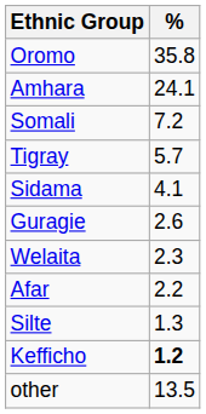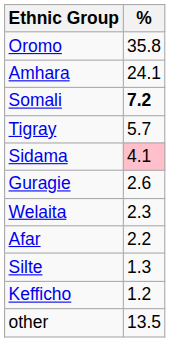 <table class="wikitable">
 <tr>
 <th>Ethnic Group</th>
 <th>%</th>
 </tr>
 <tr>
 <td><a href='#'>Oromo</a></td>
 <td>35.8</td>
 </tr>
 <tr>
 <td><a href='#'>Amhara</a></td>
 <td>24.1</td>
 </tr>
 <tr>
 <td><a href='#'>Somali</a></td>
-<td>7.2</td>
+<td><strong>7.2</strong></td>
 </tr>
 <tr>
 <td><a href='#'>Tigray</a></td>
 <td>5.7</td>
 </tr>
 <tr>
 <td><a href='#'>Sidama</a></td>
-<td>4.1</td>
+<td style="background: pink;">4.1</td>
 </tr>
 <tr>
 <td><a href='#'>Guragie</a></td>
 <td>2.6</td>
 </tr>
 <tr>
 <td><a href='#'>Welaita</a></td>
 <td>2.3</td>
 </tr>
 <tr>
 <td><a href='#'>Afar</a></td>
 <td>2.2</td>
 </tr>
 <tr>
 <td><a href='#'>Silte</a></td>
 <td>1.3</td>
 </tr>
 <tr>
 <td><a href='#'>Kefficho</a></td>
-<td><strong>1.2</strong></td>
+<td>1.2</td>
 </tr>
 <tr>
 <td>other</td>
 <td>13.5</td>
 </tr>
 </table>
